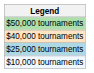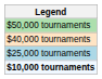 <table class=wikitable style="font-size:85%">
 <tr>
 <th>Legend</th>
 </tr>
 <tr style="background:#addfad;">
 <td>$50,000 tournaments</td>
 </tr>
 <tr style="background:#ffe4c4;">
 <td>$40,000 tournaments</td>
 </tr>
 <tr style="background:lightblue;">
 <td>$25,000 tournaments</td>
 </tr>
 <tr style="background:#f0f8ff;">
-<td>$10,000 tournaments</td>
+<td><strong>$10,000 tournaments</strong></td>
 </tr>
 </table>
